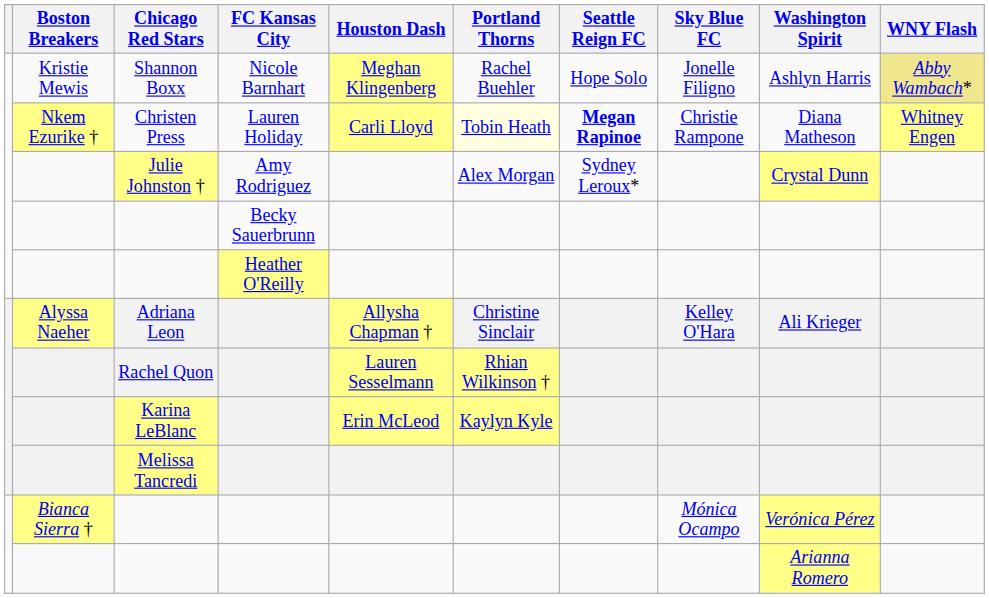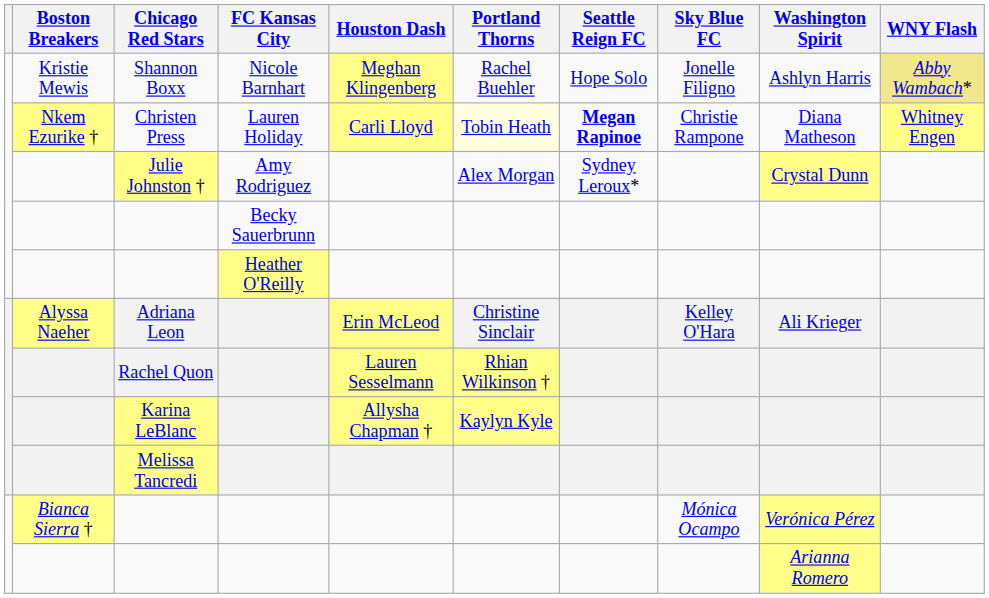 <table class="wikitable" style="text-align:center" style="font-size:90%">
 <tr>
 <th></th>
 <th><a href='#'>Boston Breakers</a></th>
 <th><a href='#'>Chicago Red Stars</a></th>
 <th><a href='#'>FC Kansas City</a></th>
 <th><a href='#'>Houston Dash</a></th>
 <th><a href='#'>Portland Thorns</a></th>
 <th><a href='#'>Seattle Reign FC</a></th>
 <th><a href='#'>Sky Blue FC</a></th>
 <th><a href='#'>Washington Spirit</a></th>
 <th><a href='#'>WNY Flash</a></th>
 </tr>
 <tr>
 <td rowspan=5></td>
 <td><a href='#'>Kristie Mewis</a></td>
 <td><a href='#'>Shannon Boxx</a></td>
 <td><a href='#'>Nicole Barnhart</a></td>
 <td bgcolor="ffff88"><a href='#'>Meghan Klingenberg</a></td>
 <td><a href='#'>Rachel Buehler</a></td>
 <td><a href='#'>Hope Solo</a></td>
 <td><a href='#'>Jonelle Filigno</a></td>
 <td><a href='#'>Ashlyn Harris</a></td>
 <td style="background: khaki;"><em><a href='#'>Abby Wambach</a></em>*</td>
 </tr>
 <tr>
 <td bgcolor="ffff88"><a href='#'>Nkem Ezurike</a> †</td>
 <td><a href='#'>Christen Press</a></td>
 <td><a href='#'>Lauren Holiday</a></td>
 <td bgcolor="ffff88"><a href='#'>Carli Lloyd</a></td>
 <td style="background: lightyellow;"><a href='#'>Tobin Heath</a></td>
 <td><strong><a href='#'>Megan Rapinoe</a></strong></td>
 <td><a href='#'>Christie Rampone</a></td>
 <td><a href='#'>Diana Matheson</a></td>
 <td bgcolor="ffff88"><a href='#'>Whitney Engen</a></td>
 </tr>
 <tr>
 <td></td>
 <td bgcolor="ffff88"><a href='#'>Julie Johnston</a> †</td>
 <td><a href='#'>Amy Rodriguez</a></td>
 <td></td>
 <td><a href='#'>Alex Morgan</a></td>
 <td><a href='#'>Sydney Leroux</a>*</td>
 <td></td>
 <td bgcolor="ffff88"><a href='#'>Crystal Dunn</a></td>
 <td></td>
 </tr>
 <tr>
 <td></td>
 <td></td>
 <td><a href='#'>Becky Sauerbrunn</a></td>
 <td></td>
 <td></td>
 <td></td>
 <td></td>
 <td></td>
 <td></td>
 </tr>
 <tr>
 <td></td>
 <td></td>
 <td bgcolor="ffff88"><a href='#'>Heather O'Reilly</a></td>
 <td></td>
 <td></td>
 <td></td>
 <td></td>
 <td></td>
 <td></td>
 </tr>
 <tr bgcolor="f2f2f2">
 <td rowspan=4></td>
 <td bgcolor="ffff88"><a href='#'>Alyssa Naeher</a></td>
 <td><a href='#'>Adriana Leon</a></td>
 <td></td>
-<td bgcolor="ffff88"><a href='#'>Allysha Chapman</a> †</td>
+<td bgcolor="ffff88"><a href='#'>Erin McLeod</a></td>
 <td><a href='#'>Christine Sinclair</a></td>
 <td></td>
 <td><a href='#'>Kelley O'Hara</a></td>
 <td><a href='#'>Ali Krieger</a></td>
 <td></td>
 </tr>
 <tr bgcolor="f2f2f2">
 <td></td>
 <td><a href='#'>Rachel Quon</a></td>
 <td></td>
 <td bgcolor="ffff88"><a href='#'>Lauren Sesselmann</a></td>
 <td bgcolor="ffff88"><a href='#'>Rhian Wilkinson</a> †</td>
 <td></td>
 <td></td>
 <td></td>
 <td></td>
 </tr>
 <tr bgcolor="f2f2f2">
 <td></td>
 <td bgcolor="ffff88"><a href='#'>Karina LeBlanc</a></td>
 <td></td>
-<td bgcolor="ffff88"><a href='#'>Erin McLeod</a></td>
+<td bgcolor="ffff88"><a href='#'>Allysha Chapman</a> †</td>
 <td bgcolor="ffff88"><a href='#'>Kaylyn Kyle</a></td>
 <td></td>
 <td></td>
 <td></td>
 <td></td>
 </tr>
 <tr bgcolor="f2f2f2">
 <td></td>
 <td bgcolor="ffff88"><a href='#'>Melissa Tancredi</a></td>
 <td></td>
 <td></td>
 <td></td>
 <td></td>
 <td></td>
 <td></td>
 <td></td>
 </tr>
 <tr>
 <td rowspan=2></td>
 <td bgcolor="ffff88"><em><a href='#'>Bianca Sierra</a></em> †</td>
 <td></td>
 <td></td>
 <td></td>
 <td></td>
 <td></td>
 <td><em><a href='#'>Mónica Ocampo</a></em></td>
 <td bgcolor="ffff88"><em><a href='#'>Verónica Pérez</a></em></td>
 <td></td>
 </tr>
 <tr>
 <td></td>
 <td></td>
 <td></td>
 <td></td>
 <td></td>
 <td></td>
 <td></td>
 <td bgcolor="ffff88"><em><a href='#'>Arianna Romero</a></em></td>
 <td></td>
 </tr>
 </table>
